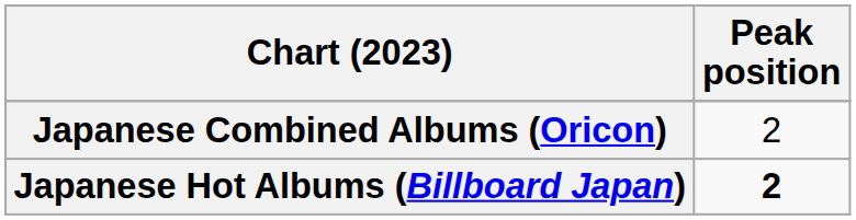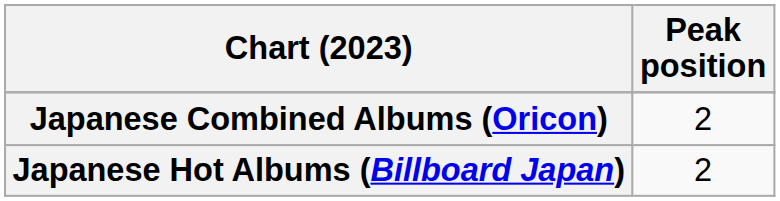 <table class="wikitable sortable plainrowheaders" style="text-align:center;">
 <tr>
 <th scope="col">Chart (2023)</th>
 <th scope="col">Peak<br>position</th>
 </tr>
 <tr>
 </tr>
 <tr>
 <th scope="row">Japanese Combined Albums (<a href='#'>Oricon</a>)</th>
 <td>2</td>
 </tr>
 <tr>
 <th scope="row">Japanese Hot Albums (<em><a href='#'>Billboard Japan</a></em>)</th>
-<td><strong>2</strong></td>
+<td>2</td>
 </tr>
 </table>
